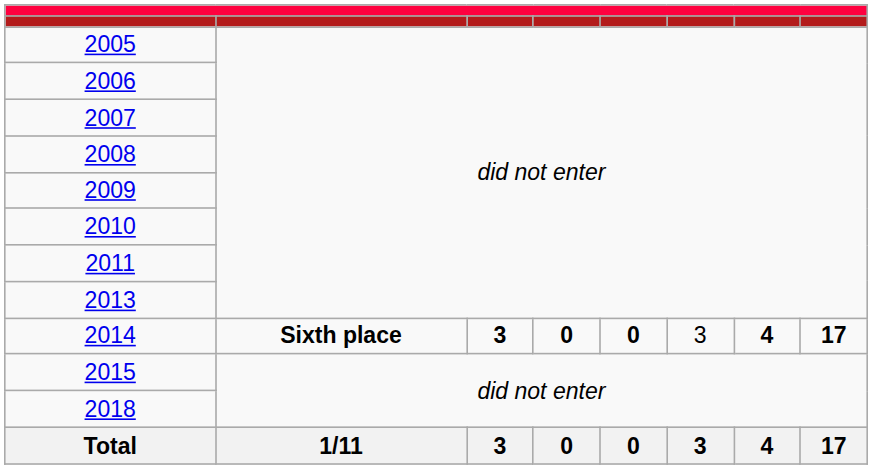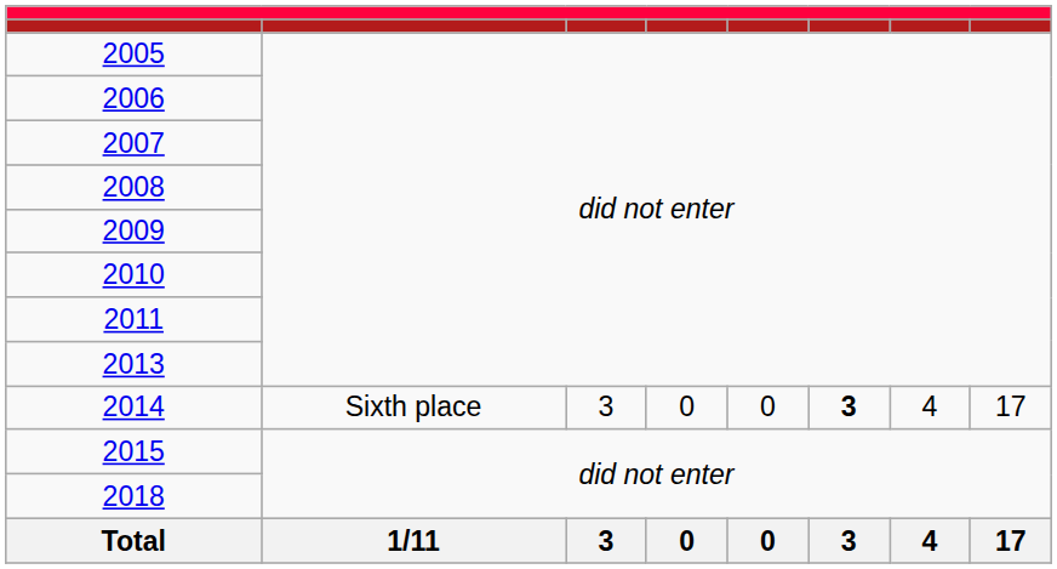 <table class="wikitable" style="text-align: center;font-size:90%;">
 <tr>
 <th style="background:#FF003F;" colspan=8></th>
 </tr>
 <tr>
 <th style="background:#B31B1B;" width=125></th>
 <th style="background:#B31B1B;" width=150></th>
 <th style="background:#B31B1B;" width=35></th>
 <th style="background:#B31B1B;" width=35></th>
 <th style="background:#B31B1B;" width=35></th>
 <th style="background:#B31B1B;" width=35></th>
 <th style="background:#B31B1B;" width=35></th>
 <th style="background:#B31B1B;" width=35></th>
 </tr>
 <tr>
 <td> <a href='#'>2005</a></td>
 <td colspan=10 rowspan=8><em>did not enter</em></td>
 </tr>
 <tr>
 <td> <a href='#'>2006</a></td>
 </tr>
 <tr>
 <td> <a href='#'>2007</a></td>
 </tr>
 <tr>
 <td> <a href='#'>2008</a></td>
 </tr>
 <tr>
 <td> <a href='#'>2009</a></td>
 </tr>
 <tr>
 <td> <a href='#'>2010</a></td>
 </tr>
 <tr>
 <td> <a href='#'>2011</a></td>
 </tr>
 <tr>
 <td> <a href='#'>2013</a></td>
 </tr>
 <tr>
 <td> <a href='#'>2014</a></td>
-<td><strong>Sixth place</strong></td>
+<td>Sixth place</td>
+<td>3</td>
+<td>0</td>
+<td>0</td>
 <td><strong>3</strong></td>
-<td><strong>0</strong></td>
-<td><strong>0</strong></td>
-<td>3</td>
-<td><strong>4</strong></td>
-<td><strong>17</strong></td>
+<td>4</td>
+<td>17</td>
 </tr>
 <tr>
 <td> <a href='#'>2015</a></td>
 <td colspan=10 rowspan=2><em>did not enter</em></td>
 </tr>
 <tr>
 <td> <a href='#'>2018</a></td>
 </tr>
 <tr>
 <th>Total</th>
 <th>1/11</th>
 <th>3</th>
 <th>0</th>
 <th>0</th>
 <th>3</th>
 <th>4</th>
 <th>17</th>
 </tr>
 </table>
